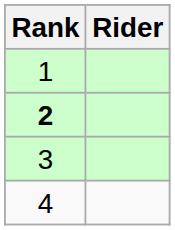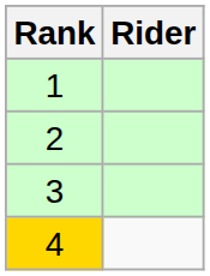 <table class="wikitable" style="font-size:95%" style="width:25em;">
 <tr>
 <th>Rank</th>
 <th>Rider</th>
 </tr>
 <tr bgcolor=ccffcc>
 <td align=center>1</td>
 <td></td>
 </tr>
 <tr bgcolor=ccffcc>
-<td align=center><strong>2</strong></td>
+<td align=center>2</td>
 <td></td>
 </tr>
 <tr bgcolor=ccffcc>
 <td align=center>3</td>
 <td></td>
 </tr>
 <tr>
-<td align=center>4</td>
+<td align=center style="background: gold;">4</td>
 <td></td>
 </tr>
 </table>
